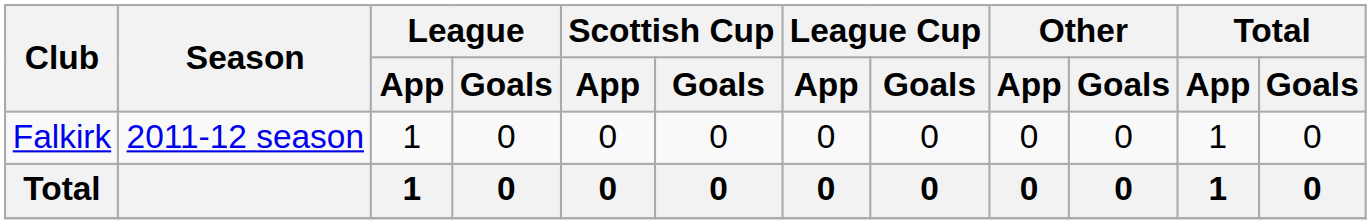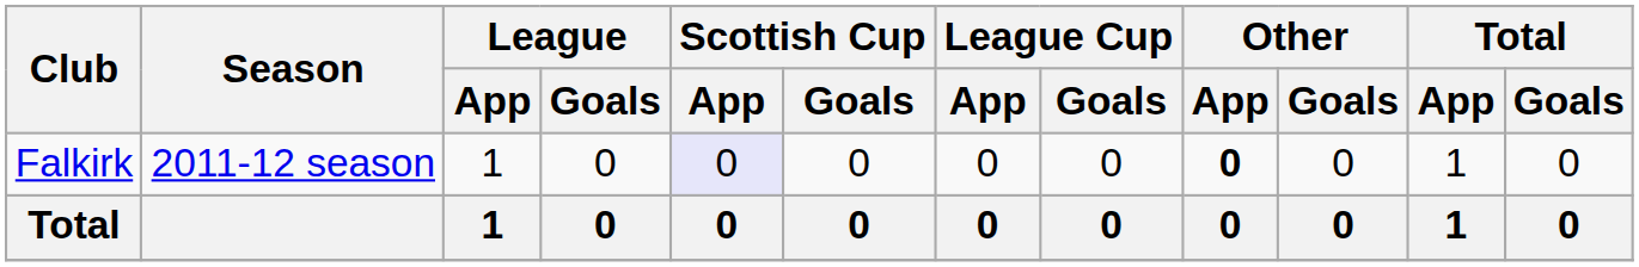 <table class="wikitable">
 <tr>
 <th rowspan=2>Club</th>
 <th rowspan=2>Season</th>
 <th colspan=2>League</th>
 <th colspan=2>Scottish Cup</th>
 <th colspan=2>League Cup</th>
 <th colspan=2>Other</th>
 <th colspan=2>Total</th>
 </tr>
 <tr>
 <th>App</th>
 <th>Goals</th>
 <th>App</th>
 <th>Goals</th>
 <th>App</th>
 <th>Goals</th>
 <th>App</th>
 <th>Goals</th>
 <th>App</th>
 <th>Goals</th>
 </tr>
 <tr align=center>
 <td rowspan=1><a href='#'>Falkirk</a></td>
 <td><a href='#'>2011-12 season</a></td>
 <td>1</td>
 <td>0</td>
+<td style="background: lavender;">0</td>
 <td>0</td>
 <td>0</td>
 <td>0</td>
-<td>0</td>
-<td>0</td>
+<td><strong>0</strong></td>
 <td>0</td>
 <td>1</td>
 <td>0</td>
 </tr>
 <tr align=center>
 <th>Total</th>
 <th></th>
 <th>1</th>
 <th>0</th>
 <th>0</th>
 <th>0</th>
 <th>0</th>
 <th>0</th>
 <th>0</th>
 <th>0</th>
 <th>1</th>
 <th>0</th>
 </tr>
 <tr>
 </tr>
 </table>
